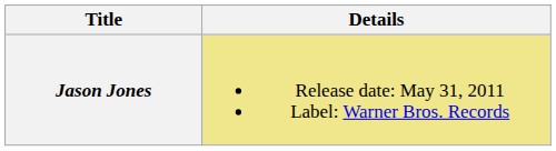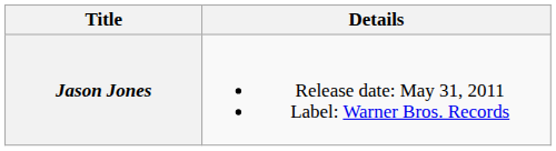 <table class="wikitable plainrowheaders" style="text-align:center;">
 <tr>
 <th style="width:10em;">Title</th>
 <th style="width:18em;">Details</th>
 </tr>
 <tr>
 <th scope="row"><em>Jason Jones</em></th>
-<td style="background: khaki;"><br><ul><li>Release date: May 31, 2011</li><li>Label: <a href='#'>Warner Bros. Records</a></li></ul></td>
+<td><br><ul><li>Release date: May 31, 2011</li><li>Label: <a href='#'>Warner Bros. Records</a></li></ul></td>
 </tr>
 </table>
